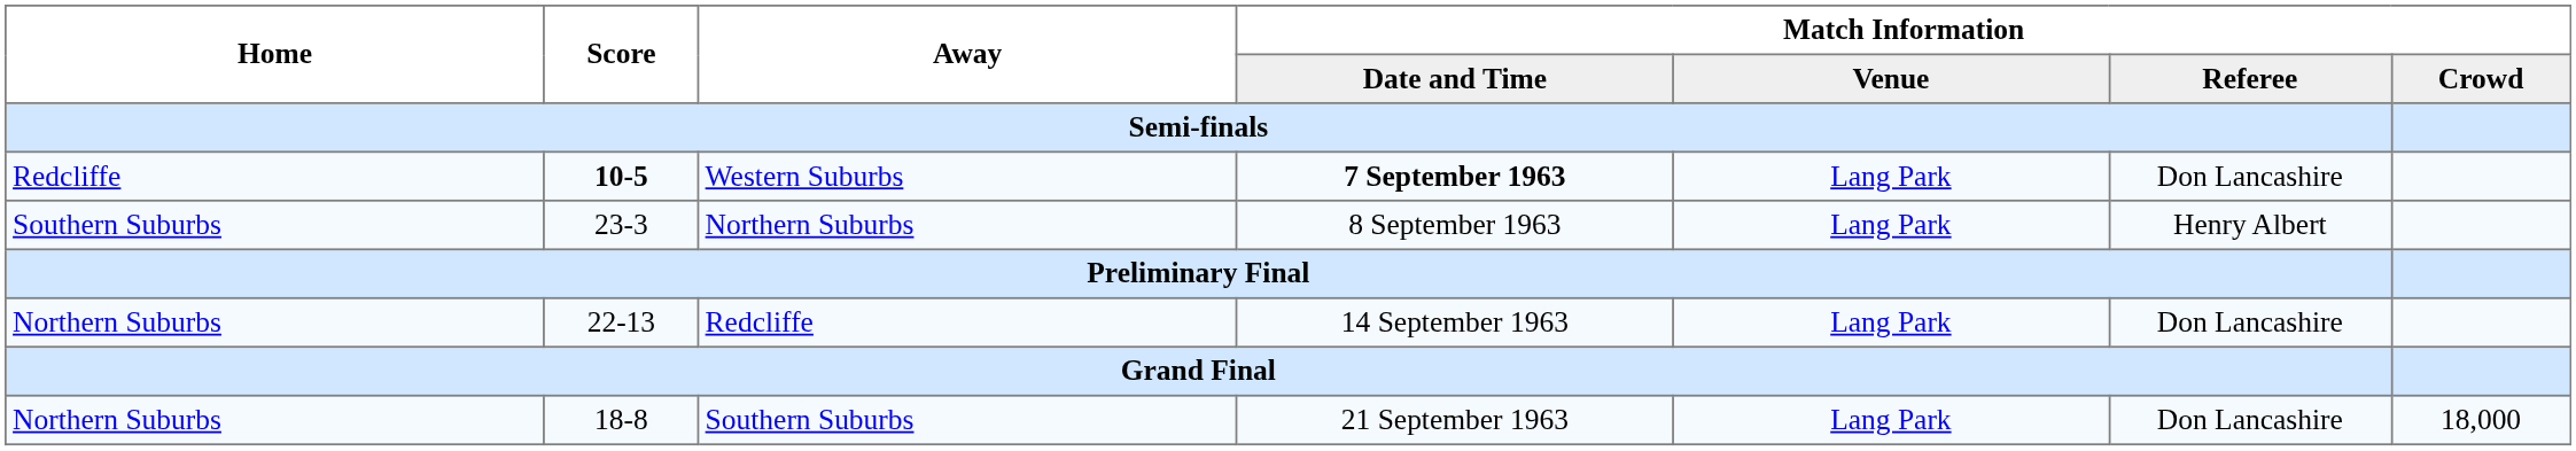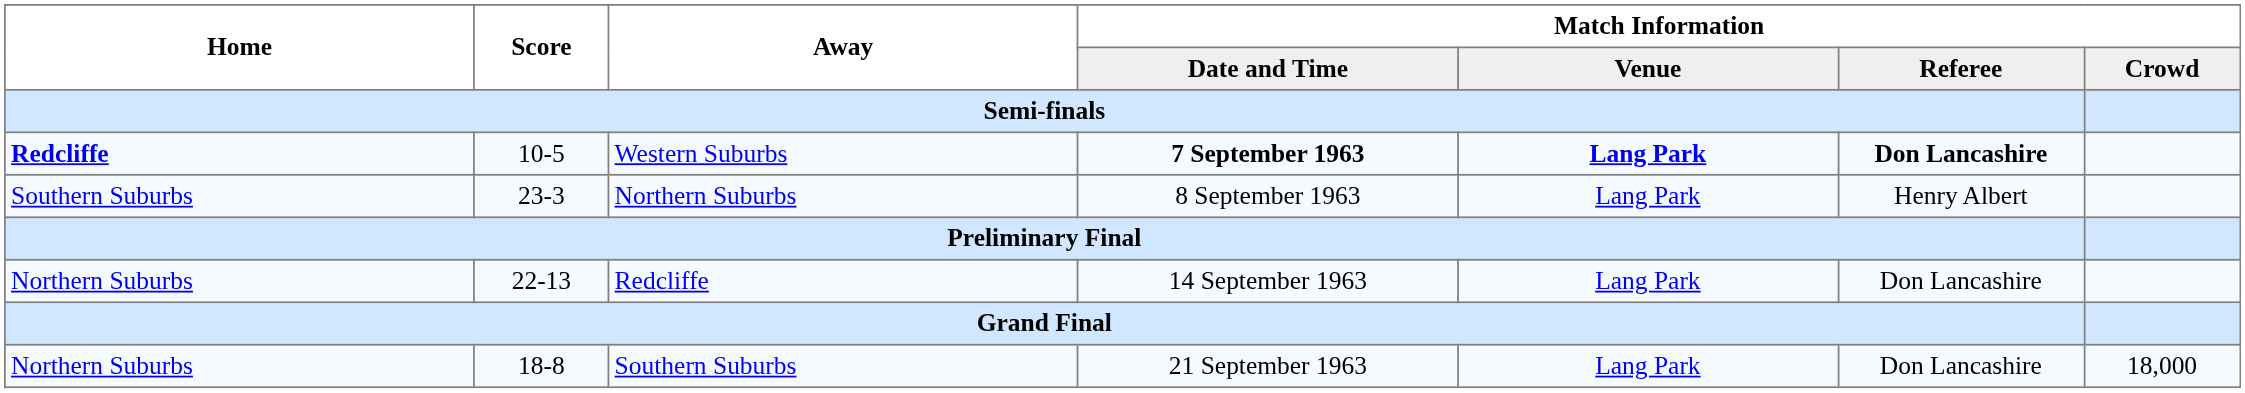 <table border="1" cellpadding="3" cellspacing="0" width="100%" style="border-collapse:collapse; font-size:90%; text-align:center;">
 <tr>
 <th rowspan="2" width="21%">Home</th>
 <th rowspan="2" width="6%">Score</th>
 <th rowspan="2" width="21%">Away</th>
 <th colspan="5">Match Information</th>
 </tr>
 <tr bgcolor="#EFEFEF">
 <th width="17%">Date and Time</th>
 <th width="17%">Venue</th>
 <th width="11%">Referee</th>
 <th>Crowd</th>
 </tr>
 <tr bgcolor="#D0E7FF">
 <td colspan="6"><strong>Semi-finals</strong></td>
 <td></td>
 </tr>
 <tr bgcolor="#F5FAFF">
-<td align="left"> <a href='#'>Redcliffe</a></td>
-<td><strong>10-5</strong></td>
+<td align="left"><strong> <a href='#'>Redcliffe</a></strong></td>
+<td>10-5</td>
 <td align="left"> <a href='#'>Western Suburbs</a></td>
 <td><strong>7 September 1963</strong></td>
-<td><a href='#'>Lang Park</a></td>
-<td>Don Lancashire</td>
+<td><strong><a href='#'>Lang Park</a></strong></td>
+<td><strong>Don Lancashire</strong></td>
 <td></td>
 </tr>
 <tr bgcolor="#F5FAFF">
 <td align="left"> <a href='#'>Southern Suburbs</a></td>
 <td>23-3</td>
 <td align="left"> <a href='#'>Northern Suburbs</a></td>
 <td>8 September 1963</td>
 <td><a href='#'>Lang Park</a></td>
 <td>Henry Albert</td>
 <td></td>
 </tr>
 <tr bgcolor="#D0E7FF">
 <td colspan="6"><strong>Preliminary Final</strong></td>
 <td></td>
 </tr>
 <tr bgcolor="#F5FAFF">
 <td align="left"> <a href='#'>Northern Suburbs</a></td>
 <td>22-13</td>
 <td align="left"> <a href='#'>Redcliffe</a></td>
 <td>14 September 1963</td>
 <td><a href='#'>Lang Park</a></td>
 <td>Don Lancashire</td>
 <td></td>
 </tr>
 <tr bgcolor="#D0E7FF">
 <td colspan="6"><strong>Grand Final</strong></td>
 <td></td>
 </tr>
 <tr bgcolor="#F5FAFF">
 <td align="left"> <a href='#'>Northern Suburbs</a></td>
 <td>18-8</td>
 <td align="left"> <a href='#'>Southern Suburbs</a></td>
 <td>21 September 1963</td>
 <td><a href='#'>Lang Park</a></td>
 <td>Don Lancashire</td>
 <td>18,000</td>
 </tr>
 </table>
